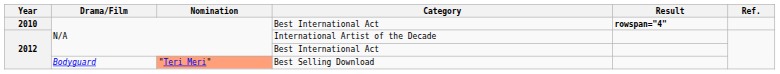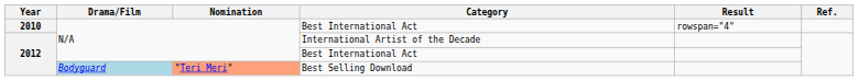 <table class="wikitable plainrowheaders" width="100%" "textcolor:#000;">
 <tr>
 <th>Year</th>
 <th>Drama/Film</th>
 <th>Nomination</th>
 <th>Category</th>
 <th>Result</th>
 <th>Ref.</th>
 </tr>
 <tr>
 <th>2010</th>
 <td colspan="2" rowspan="3">N/A</td>
 <td>Best International Act</td>
-<td><strong>rowspan="4" </strong></td>
+<td>rowspan="4" </td>
 <td></td>
 </tr>
 <tr>
 <th rowspan="3">2012</th>
 <td>International Artist of the Decade</td>
 <td></td>
 </tr>
 <tr>
 <td>Best International Act</td>
 <td></td>
 </tr>
 <tr>
-<td><em><a href='#'>Bodyguard</a></em></td>
+<td style="background: lightblue;"><em><a href='#'>Bodyguard</a></em></td>
 <td style="background: lightsalmon;">"<a href='#'>Teri Meri</a>"</td>
 <td>Best Selling Download</td>
 <td></td>
 </tr>
 </table>
